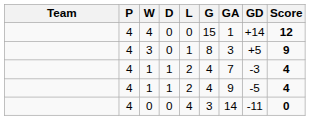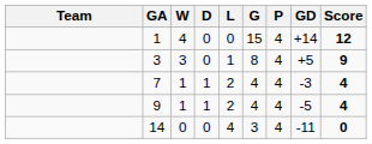 <table class="wikitable" style="text-align:center;">
 <tr>
 <th width=150>Team</th>
-<th width=20>P</th>
+<th width=20>GA</th>
 <th width=20>W</th>
 <th width=20>D</th>
 <th width=20>L</th>
 <th width=20>G</th>
-<th width=20>GA</th>
+<th width=20>P</th>
 <th width=20>GD</th>
 <th width=20>Score</th>
 </tr>
 <tr>
 <td align="left"></td>
-<td>4</td>
+<td>1</td>
 <td>4</td>
 <td>0</td>
 <td>0</td>
 <td>15</td>
-<td>1</td>
+<td>4</td>
 <td>+14</td>
 <td><strong>12</strong></td>
 </tr>
 <tr>
 <td align="left"></td>
-<td>4</td>
+<td>3</td>
 <td>3</td>
 <td>0</td>
 <td>1</td>
 <td>8</td>
-<td>3</td>
+<td>4</td>
 <td>+5</td>
 <td><strong>9</strong></td>
 </tr>
 <tr>
 <td align="left"></td>
-<td>4</td>
+<td>7</td>
 <td>1</td>
 <td>1</td>
 <td>2</td>
 <td>4</td>
-<td>7</td>
+<td>4</td>
 <td>-3</td>
 <td><strong>4</strong></td>
 </tr>
 <tr>
 <td align="left"></td>
-<td>4</td>
+<td>9</td>
 <td>1</td>
 <td>1</td>
 <td>2</td>
 <td>4</td>
-<td>9</td>
+<td>4</td>
 <td>-5</td>
 <td><strong>4</strong></td>
 </tr>
 <tr>
 <td align="left"></td>
-<td>4</td>
+<td>14</td>
 <td>0</td>
 <td>0</td>
 <td>4</td>
 <td>3</td>
-<td>14</td>
+<td>4</td>
 <td>-11</td>
 <td><strong>0</strong></td>
 </tr>
 </table>
